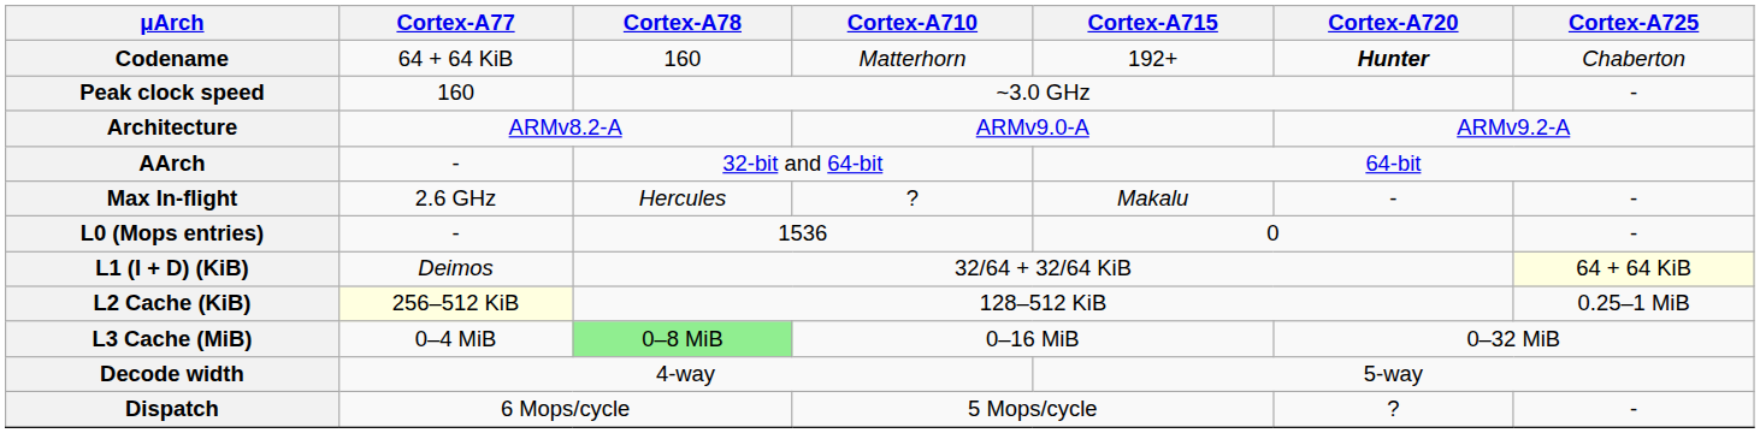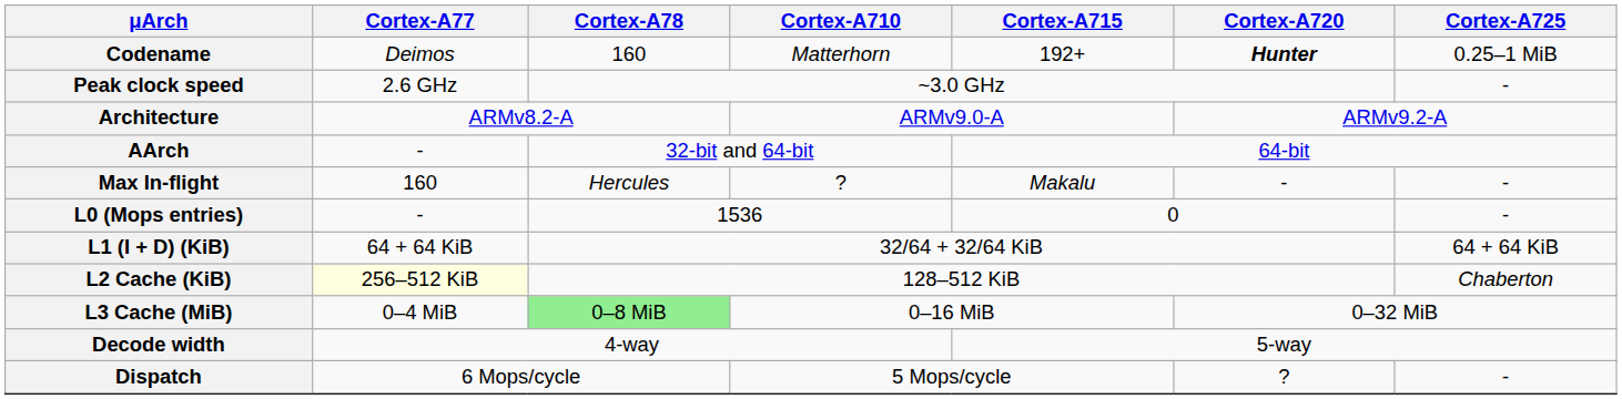 <table class="wikitable sortable" cellpadding="3px" style="border: 1px solid black; border-spacing: 0px; width: 100%; text-align:center;">
 <tr>
 <th><a href='#'>μArch</a></th>
 <th><a href='#'>Cortex-A77</a></th>
 <th><a href='#'>Cortex-A78</a></th>
 <th><a href='#'>Cortex-A710</a></th>
 <th><a href='#'>Cortex-A715</a></th>
 <th><a href='#'>Cortex-A720</a></th>
 <th><a href='#'>Cortex-A725</a></th>
 </tr>
 <tr>
 <th>Codename</th>
-<td>64 + 64 KiB</td>
+<td><em>Deimos</em></td>
 <td>160</td>
 <td><em>Matterhorn</em></td>
 <td>192+ </td>
 <td><strong><em>Hunter</em></strong></td>
-<td><em>Chaberton</em></td>
+<td>0.25–1 MiB </td>
 </tr>
 <tr>
 <th>Peak clock speed</th>
-<td>160</td>
+<td>2.6 GHz</td>
 <td colspan="4">~3.0 GHz</td>
 <td>-</td>
 </tr>
 <tr>
 <th>Architecture</th>
 <td colspan="2"><a href='#'>ARMv8.2-A</a></td>
 <td colspan="2"><a href='#'>ARMv9.0-A</a></td>
 <td colspan="2"><a href='#'>ARMv9.2-A</a></td>
 </tr>
 <tr>
 <th>AArch</th>
 <td>-</td>
 <td colspan="2"><a href='#'>32-bit</a> and <a href='#'>64-bit</a></td>
 <td colspan="3"><a href='#'>64-bit</a></td>
 </tr>
 <tr>
 <th>Max In-flight</th>
-<td>2.6 GHz</td>
+<td>160</td>
 <td><em>Hercules</em></td>
 <td>?</td>
 <td><em>Makalu</em></td>
 <td>-</td>
 <td>-</td>
 </tr>
 <tr>
 <th>L0 (Mops entries)</th>
 <td>-</td>
 <td colspan="2">1536 </td>
 <td colspan="2">0 </td>
 <td>-</td>
 </tr>
 <tr>
 <th><strong>L1 (I + D)</strong> (KiB)</th>
-<td><em>Deimos</em></td>
+<td>64 + 64 KiB</td>
 <td colspan="4">32/64 + 32/64 KiB</td>
-<td style="background: lightyellow;">64 + 64 KiB</td>
+<td>64 + 64 KiB</td>
 </tr>
 <tr>
 <th>L2 Cache (KiB)</th>
 <td style="background: lightyellow;">256–512 KiB</td>
 <td colspan="4">128–512 KiB</td>
-<td>0.25–1 MiB </td>
+<td><em>Chaberton</em></td>
 </tr>
 <tr>
 <th>L3 Cache (MiB)</th>
 <td>0–4 MiB</td>
 <td style="background: lightgreen;">0–8 MiB</td>
 <td colspan="2">0–16 MiB</td>
 <td colspan="2">0–32 MiB </td>
 </tr>
 <tr>
 <th>Decode width</th>
 <td colspan="3">4-way</td>
 <td colspan="3">5-way</td>
 </tr>
 <tr>
 <th>Dispatch</th>
 <td colspan="2">6 Mops/cycle</td>
 <td colspan="2">5 Mops/cycle </td>
 <td>?</td>
 <td>-</td>
 </tr>
 <tr>
 </tr>
 </table>
